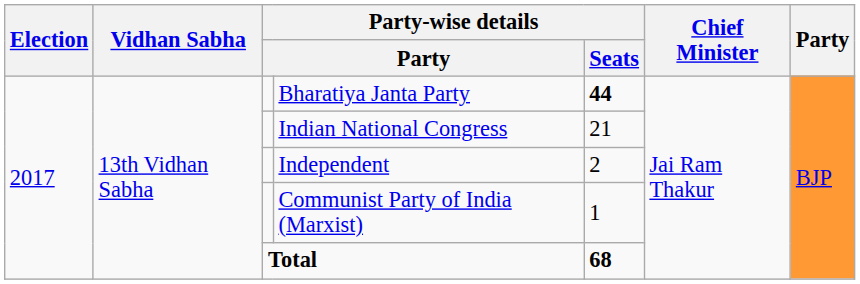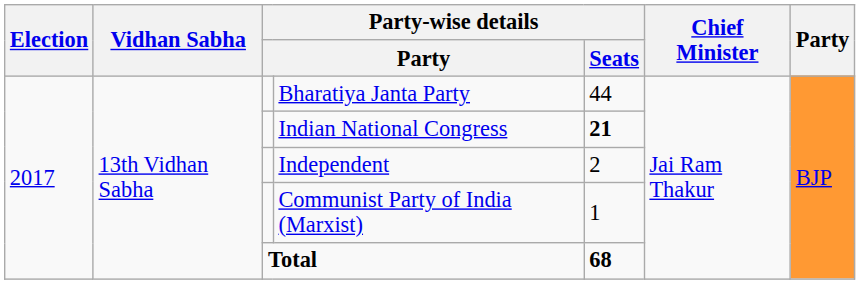 <table class="wikitable sortable">
 <tr>
 <th rowspan="2"><a href='#'>Election</a></th>
 <th rowspan="2"><a href='#'>Vidhan Sabha</a></th>
 <th colspan="3">Party-wise details</th>
 <th rowspan="2"><a href='#'>Chief Minister</a></th>
 <th rowspan="2">Party</th>
 </tr>
 <tr>
 <th colspan="2">Party</th>
 <th><a href='#'>Seats</a></th>
 </tr>
 <tr>
 <td rowspan="5"><a href='#'>2017</a></td>
 <td rowspan="5"><a href='#'>13th Vidhan Sabha</a></td>
 <td style="background-color: "></td>
 <td><a href='#'>Bharatiya Janta Party</a></td>
-<td><strong>44</strong></td>
+<td>44</td>
 <td rowspan="5"><a href='#'>Jai Ram Thakur</a><br></td>
 <td rowspan="5"; bgcolor=#FF9933><a href='#'>BJP</a></td>
 </tr>
 <tr>
 <td style="background-color: "></td>
 <td><a href='#'>Indian National Congress</a></td>
-<td>21</td>
+<td><strong>21</strong></td>
 </tr>
 <tr>
 <td style="background-color: "></td>
 <td><a href='#'>Independent</a></td>
 <td>2</td>
 </tr>
 <tr>
 <td style="background-color: "></td>
 <td><a href='#'>Communist Party of India (Marxist)</a></td>
 <td>1</td>
 </tr>
 <tr>
 <td colspan="2"><strong>Total</strong></td>
 <td><strong>68</strong></td>
 </tr>
 </table>
